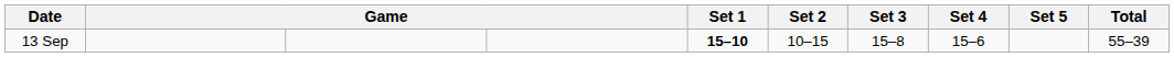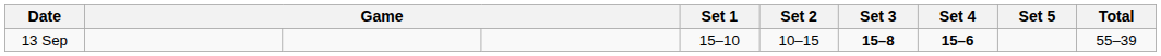 <table width=1200 class="wikitable">
 <tr>
 <th width=6%>Date</th>
 <th width=45% colspan=3>Game</th>
 <th width=6%>Set 1</th>
 <th width=6%>Set 2</th>
 <th width=6%>Set 3</th>
 <th width=6%>Set 4</th>
 <th width=6%>Set 5</th>
 <th width=6%>Total</th>
 </tr>
 <tr style=font-size:95%>
 <td align=center>13 Sep</td>
 <td align=center><strong></strong></td>
 <td></td>
 <td></td>
-<td align=center><strong>15–10</strong></td>
+<td align=center>15–10</td>
 <td align=center>10–15</td>
-<td align=center>15–8</td>
-<td align=center>15–6</td>
+<td align=center><strong>15–8</strong></td>
+<td align=center><strong>15–6</strong></td>
 <td align=center></td>
 <td align=center>55–39</td>
 </tr>
 </table>
